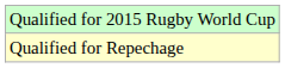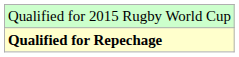 <table class="wikitable">
 <tr width=10px bgcolor="#ccffcc">
 <td>Qualified for 2015 Rugby World Cup</td>
 </tr>
 <tr width=10px bgcolor="#ffffcc">
-<td>Qualified for Repechage</td>
+<td><strong>Qualified for Repechage</strong></td>
 </tr>
 </table>
